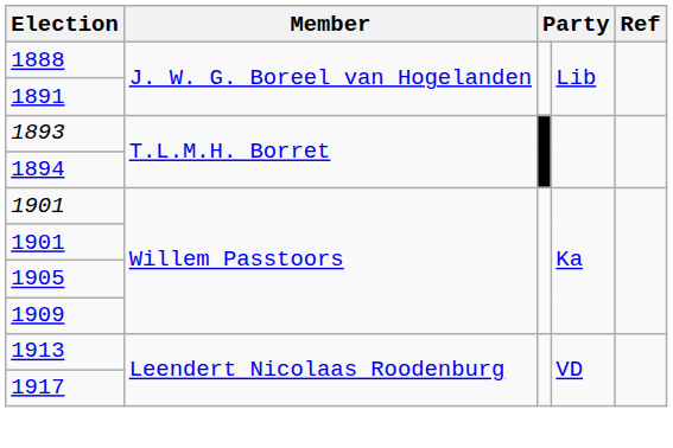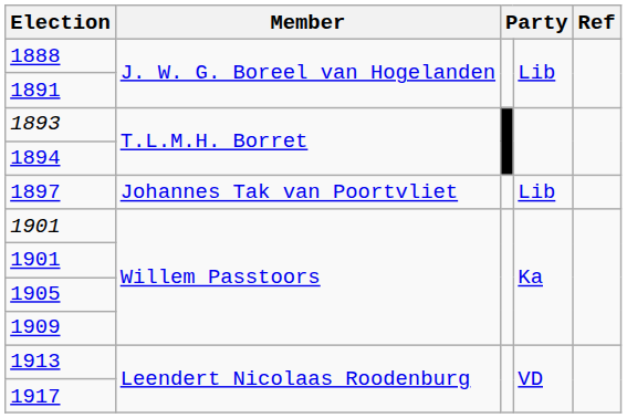 <table class="wikitable">
 <tr>
 <th scope="col">Election</th>
 <th scope="col">Member</th>
 <th scope="col" colspan="2">Party</th>
 <th scope="col">Ref</th>
 </tr>
 <tr>
 <td scope="row"><a href='#'>1888</a></td>
 <td scope="row" rowspan=2><a href='#'>J. W. G. Boreel van Hogelanden</a></td>
 <td scope="row" rowspan=2 style="background-color:"></td>
 <td scope="row" rowspan=2><a href='#'>Lib</a></td>
 <td scope="row" rowspan=2></td>
 </tr>
 <tr>
 <td scope="row"><a href='#'>1891</a></td>
 </tr>
 <tr>
 <td scope="row"><em>1893</em></td>
 <td scope="row" rowspan=2><a href='#'>T.L.M.H. Borret</a></td>
 <td scope="row" rowspan=2 style="background-color:black"></td>
 <td scope="row" rowspan=2></td>
 <td scope="row" rowspan=2></td>
 </tr>
 <tr>
 <td scope="row"><a href='#'>1894</a></td>
 </tr>
 <tr>
+<td scope="row"><a href='#'>1897</a></td>
+<td scope="row"><a href='#'>Johannes Tak van Poortvliet</a></td>
+<td scope="row" style="background-color:"></td>
+<td scope="row"><a href='#'>Lib</a></td>
+<td scope="row"></td>
+</tr>
+<tr>
 <td scope="row"><em>1901</em></td>
 <td scope="row" rowspan=4><a href='#'>Willem Passtoors</a></td>
 <td scope="row" rowspan=4 style="background-color:"></td>
 <td scope="row" rowspan=4><a href='#'>Ka</a></td>
 <td scope="row" rowspan=4></td>
 </tr>
 <tr>
 <td scope="row"><a href='#'>1901</a></td>
 </tr>
 <tr>
 <td scope="row"><a href='#'>1905</a></td>
 </tr>
 <tr>
 <td scope="row"><a href='#'>1909</a></td>
 </tr>
 <tr>
 <td scope="row"><a href='#'>1913</a></td>
 <td scope="row" rowspan=2><a href='#'>Leendert Nicolaas Roodenburg</a></td>
 <td scope="row" rowspan=2 style="background-color:"></td>
 <td scope="row" rowspan=2><a href='#'>VD</a></td>
 <td scope="row" rowspan=2></td>
 </tr>
 <tr>
 <td scope="row"><a href='#'>1917</a></td>
 </tr>
 </table>
